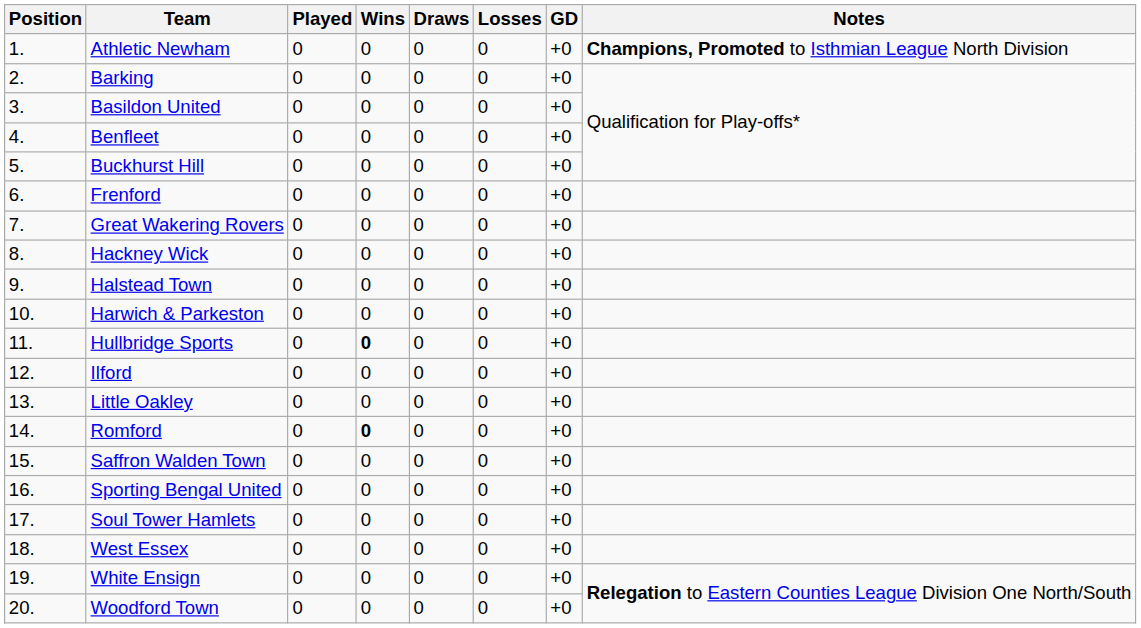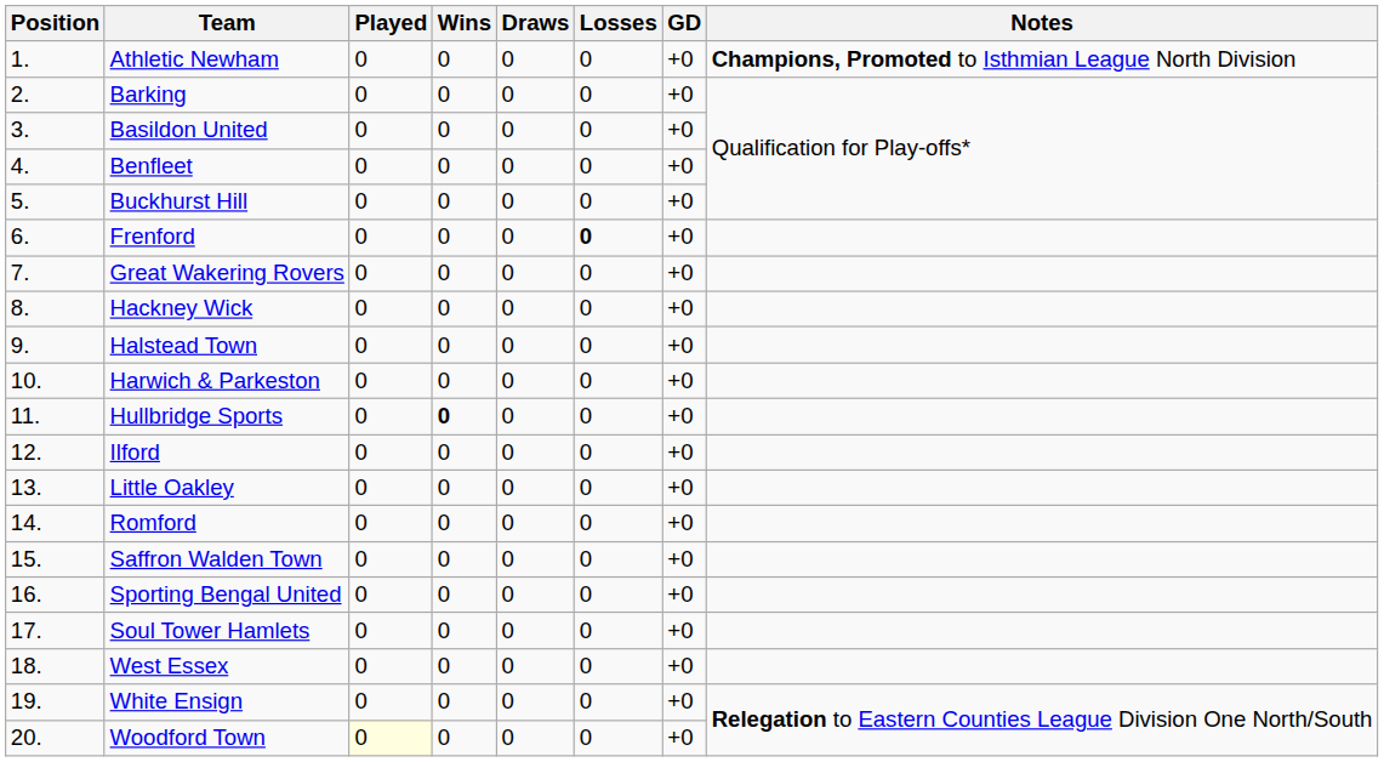 <table class="wikitable">
 <tr>
 <th>Position</th>
 <th>Team</th>
 <th>Played</th>
 <th>Wins</th>
 <th>Draws</th>
 <th>Losses</th>
 <th>GD</th>
 <th>Notes</th>
 </tr>
 <tr>
 <td>1.</td>
 <td><a href='#'>Athletic Newham</a></td>
 <td>0</td>
 <td>0</td>
 <td>0</td>
 <td>0</td>
 <td>+0</td>
 <td><strong>Champions, Promoted</strong> to <a href='#'>Isthmian League</a> North Division</td>
 </tr>
 <tr>
 <td>2.</td>
 <td><a href='#'>Barking</a></td>
 <td>0</td>
 <td>0</td>
 <td>0</td>
 <td>0</td>
 <td>+0</td>
 <td rowspan="4">Qualification for Play-offs*</td>
 </tr>
 <tr>
 <td>3.</td>
 <td><a href='#'>Basildon United</a></td>
 <td>0</td>
 <td>0</td>
 <td>0</td>
 <td>0</td>
 <td>+0</td>
 </tr>
 <tr>
 <td>4.</td>
 <td><a href='#'>Benfleet</a></td>
 <td>0</td>
 <td>0</td>
 <td>0</td>
 <td>0</td>
 <td>+0</td>
 </tr>
 <tr>
 <td>5.</td>
 <td><a href='#'>Buckhurst Hill</a></td>
 <td>0</td>
 <td>0</td>
 <td>0</td>
 <td>0</td>
 <td>+0</td>
 </tr>
 <tr>
 <td>6.</td>
 <td><a href='#'>Frenford</a></td>
 <td>0</td>
 <td>0</td>
 <td>0</td>
-<td>0</td>
+<td><strong>0</strong></td>
 <td>+0</td>
 <td></td>
 </tr>
 <tr>
 <td>7.</td>
 <td><a href='#'>Great Wakering Rovers</a></td>
 <td>0</td>
 <td>0</td>
 <td>0</td>
 <td>0</td>
 <td>+0</td>
 <td></td>
 </tr>
 <tr>
 <td>8.</td>
 <td><a href='#'>Hackney Wick</a></td>
 <td>0</td>
 <td>0</td>
 <td>0</td>
 <td>0</td>
 <td>+0</td>
 <td></td>
 </tr>
 <tr>
 <td>9.</td>
 <td><a href='#'>Halstead Town</a></td>
 <td>0</td>
 <td>0</td>
 <td>0</td>
 <td>0</td>
 <td>+0</td>
 <td></td>
 </tr>
 <tr>
 <td>10.</td>
 <td><a href='#'>Harwich & Parkeston</a></td>
 <td>0</td>
 <td>0</td>
 <td>0</td>
 <td>0</td>
 <td>+0</td>
 <td></td>
 </tr>
 <tr>
 <td>11.</td>
 <td><a href='#'>Hullbridge Sports</a></td>
 <td>0</td>
 <td><strong>0</strong></td>
 <td>0</td>
 <td>0</td>
 <td>+0</td>
 <td></td>
 </tr>
 <tr>
 <td>12.</td>
 <td><a href='#'>Ilford</a></td>
 <td>0</td>
 <td>0</td>
 <td>0</td>
 <td>0</td>
 <td>+0</td>
 <td></td>
 </tr>
 <tr>
 <td>13.</td>
 <td><a href='#'>Little Oakley</a></td>
 <td>0</td>
 <td>0</td>
 <td>0</td>
 <td>0</td>
 <td>+0</td>
 <td></td>
 </tr>
 <tr>
 <td>14.</td>
 <td><a href='#'>Romford</a></td>
 <td>0</td>
-<td><strong>0</strong></td>
+<td>0</td>
 <td>0</td>
 <td>0</td>
 <td>+0</td>
 <td></td>
 </tr>
 <tr>
 <td>15.</td>
 <td><a href='#'>Saffron Walden Town</a></td>
 <td>0</td>
 <td>0</td>
 <td>0</td>
 <td>0</td>
 <td>+0</td>
 <td></td>
 </tr>
 <tr>
 <td>16.</td>
 <td><a href='#'>Sporting Bengal United</a></td>
 <td>0</td>
 <td>0</td>
 <td>0</td>
 <td>0</td>
 <td>+0</td>
 <td></td>
 </tr>
 <tr>
 <td>17.</td>
 <td><a href='#'>Soul Tower Hamlets</a></td>
 <td>0</td>
 <td>0</td>
 <td>0</td>
 <td>0</td>
 <td>+0</td>
 <td></td>
 </tr>
 <tr>
 <td>18.</td>
 <td><a href='#'>West Essex</a></td>
 <td>0</td>
 <td>0</td>
 <td>0</td>
 <td>0</td>
 <td>+0</td>
 <td></td>
 </tr>
 <tr>
 <td>19.</td>
 <td><a href='#'>White Ensign</a></td>
 <td>0</td>
 <td>0</td>
 <td>0</td>
 <td>0</td>
 <td>+0</td>
 <td rowspan="2"><strong>Relegation</strong> to <a href='#'>Eastern Counties League</a> Division One North/South</td>
 </tr>
 <tr>
 <td>20.</td>
 <td><a href='#'>Woodford Town</a></td>
-<td>0</td>
+<td style="background: lightyellow;">0</td>
 <td>0</td>
 <td>0</td>
 <td>0</td>
 <td>+0</td>
 </tr>
 </table>
